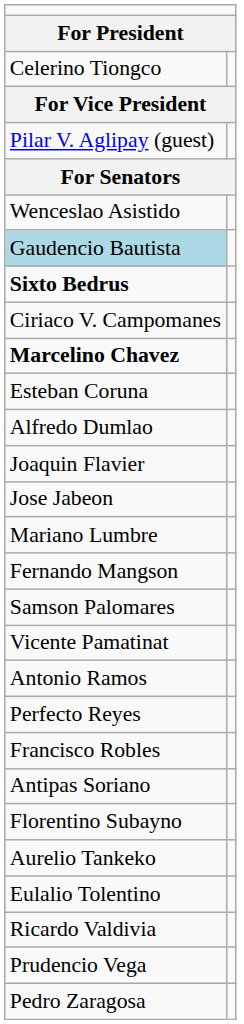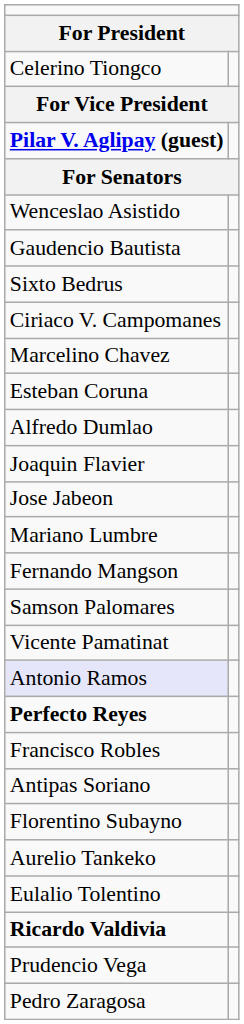 <table class=wikitable style="font-size:90%">
 <tr>
 <td colspan=4 bgcolor=></td>
 </tr>
 <tr>
 <th colspan=5>For President</th>
 </tr>
 <tr>
 <td>Celerino Tiongco</td>
 <td></td>
 </tr>
 <tr>
 <th colspan=5>For Vice President</th>
 </tr>
 <tr>
-<td><a href='#'>Pilar V. Aglipay</a> (guest)</td>
+<td><strong><a href='#'>Pilar V. Aglipay</a> (guest)</strong></td>
 <td></td>
 </tr>
 <tr>
 <th colspan=5>For Senators</th>
 </tr>
 <tr>
 <td>Wenceslao Asistido</td>
 <td></td>
 </tr>
 <tr>
-<td style="background: lightblue;">Gaudencio Bautista</td>
+<td>Gaudencio Bautista</td>
 <td></td>
 </tr>
 <tr>
-<td><strong>Sixto Bedrus</strong></td>
+<td>Sixto Bedrus</td>
 <td></td>
 </tr>
 <tr>
 <td>Ciriaco V. Campomanes</td>
 <td></td>
 </tr>
 <tr>
-<td><strong>Marcelino Chavez</strong></td>
+<td>Marcelino Chavez</td>
 <td></td>
 </tr>
 <tr>
 <td>Esteban Coruna</td>
 <td></td>
 </tr>
 <tr>
 <td>Alfredo Dumlao</td>
 <td></td>
 </tr>
 <tr>
 <td>Joaquin Flavier</td>
 <td></td>
 </tr>
 <tr>
 <td>Jose Jabeon</td>
 <td></td>
 </tr>
 <tr>
 <td>Mariano Lumbre</td>
 <td></td>
 </tr>
 <tr>
 <td>Fernando Mangson</td>
 <td></td>
 </tr>
 <tr>
 <td>Samson Palomares</td>
 <td></td>
 </tr>
 <tr>
 <td>Vicente Pamatinat</td>
 <td></td>
 </tr>
 <tr>
-<td>Antonio Ramos</td>
+<td style="background: lavender;">Antonio Ramos</td>
 <td></td>
 </tr>
 <tr>
-<td>Perfecto Reyes</td>
+<td><strong>Perfecto Reyes</strong></td>
 <td></td>
 </tr>
 <tr>
 <td>Francisco Robles</td>
 <td></td>
 </tr>
 <tr>
 <td>Antipas Soriano</td>
 <td></td>
 </tr>
 <tr>
 <td>Florentino Subayno</td>
 <td></td>
 </tr>
 <tr>
 <td>Aurelio Tankeko</td>
 <td></td>
 </tr>
 <tr>
 <td>Eulalio Tolentino</td>
 <td></td>
 </tr>
 <tr>
-<td>Ricardo Valdivia</td>
+<td><strong>Ricardo Valdivia</strong></td>
 <td></td>
 </tr>
 <tr>
 <td>Prudencio Vega</td>
 <td></td>
 </tr>
 <tr>
 <td>Pedro Zaragosa</td>
 <td></td>
 </tr>
 </table>
